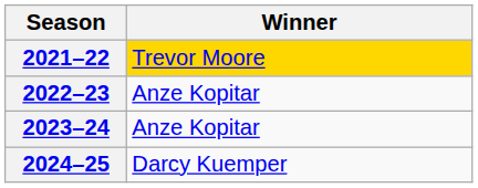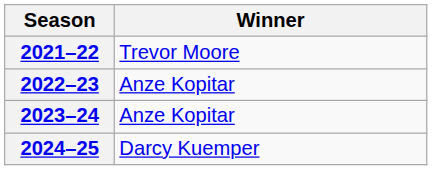 <table class="wikitable">
 <tr>
 <th scope="col" style="width:5em">Season</th>
 <th scope="col" style="width:15em">Winner</th>
 </tr>
 <tr>
 <th scope="row"><a href='#'>2021–22</a></th>
-<td style="background: gold;"><a href='#'>Trevor Moore</a></td>
+<td><a href='#'>Trevor Moore</a></td>
 </tr>
 <tr>
 <th scope="row"><a href='#'>2022–23</a></th>
 <td><a href='#'>Anze Kopitar</a></td>
 </tr>
 <tr>
 <th scope="row"><a href='#'>2023–24</a></th>
 <td><a href='#'>Anze Kopitar</a></td>
 </tr>
 <tr>
 <th scope="row"><a href='#'>2024–25</a></th>
 <td><a href='#'>Darcy Kuemper</a></td>
 </tr>
 </table>
